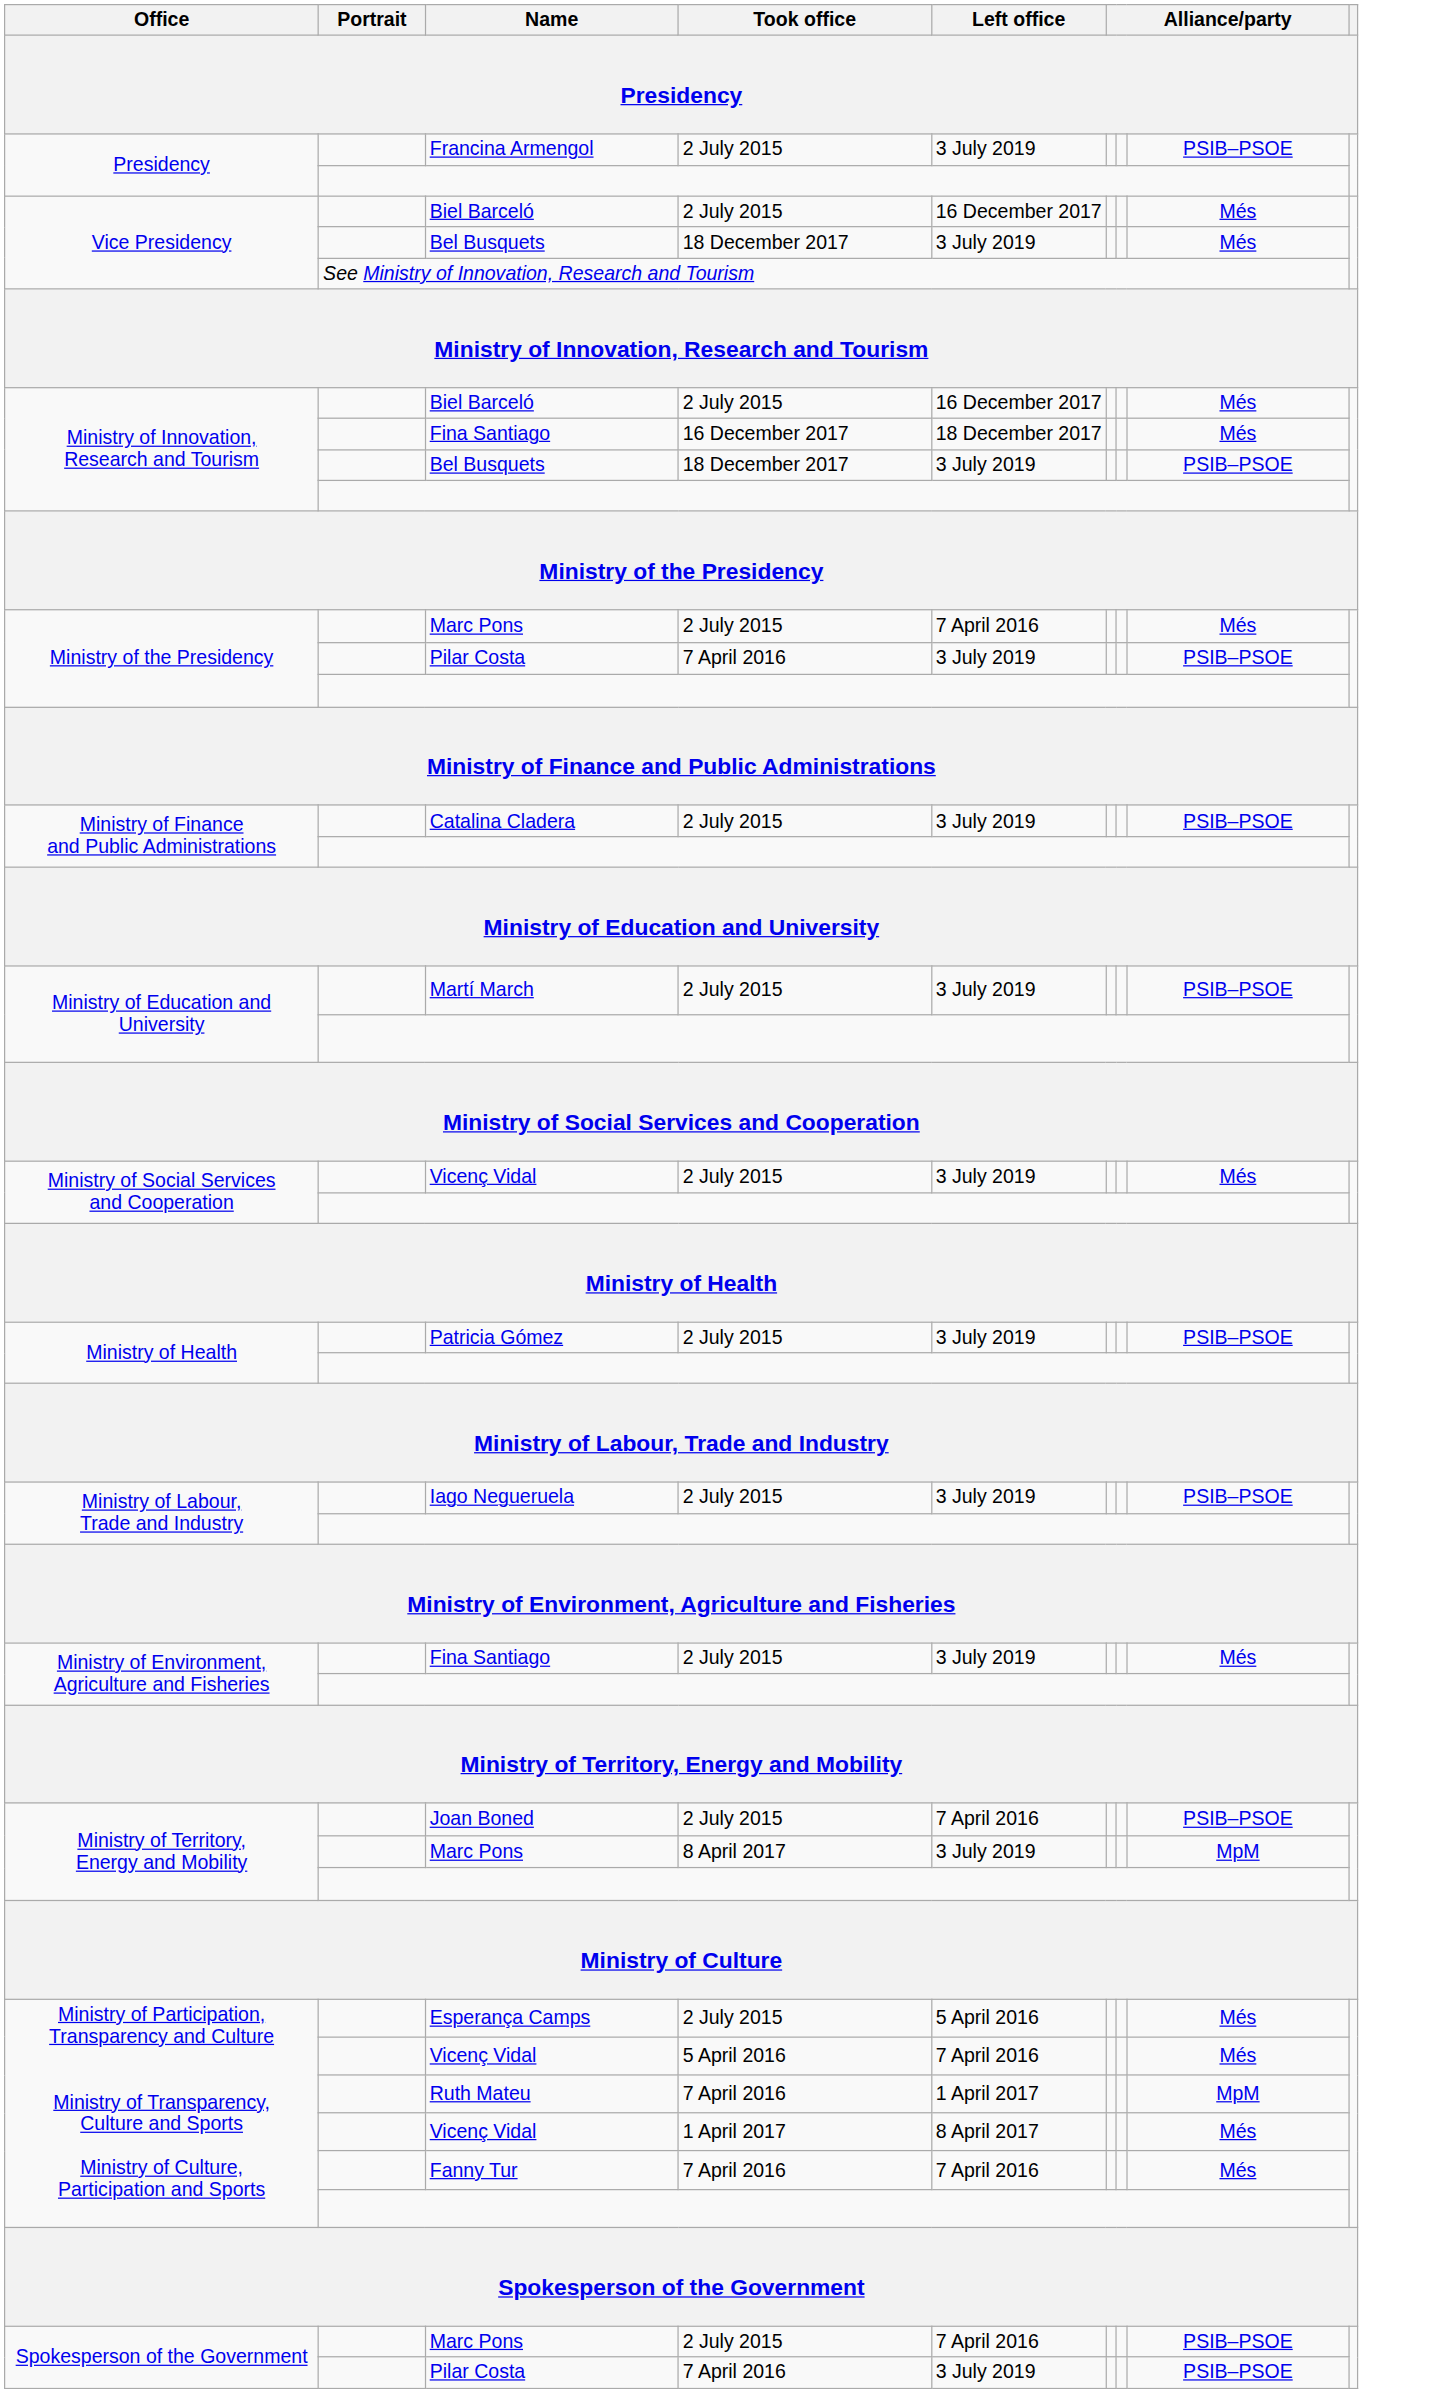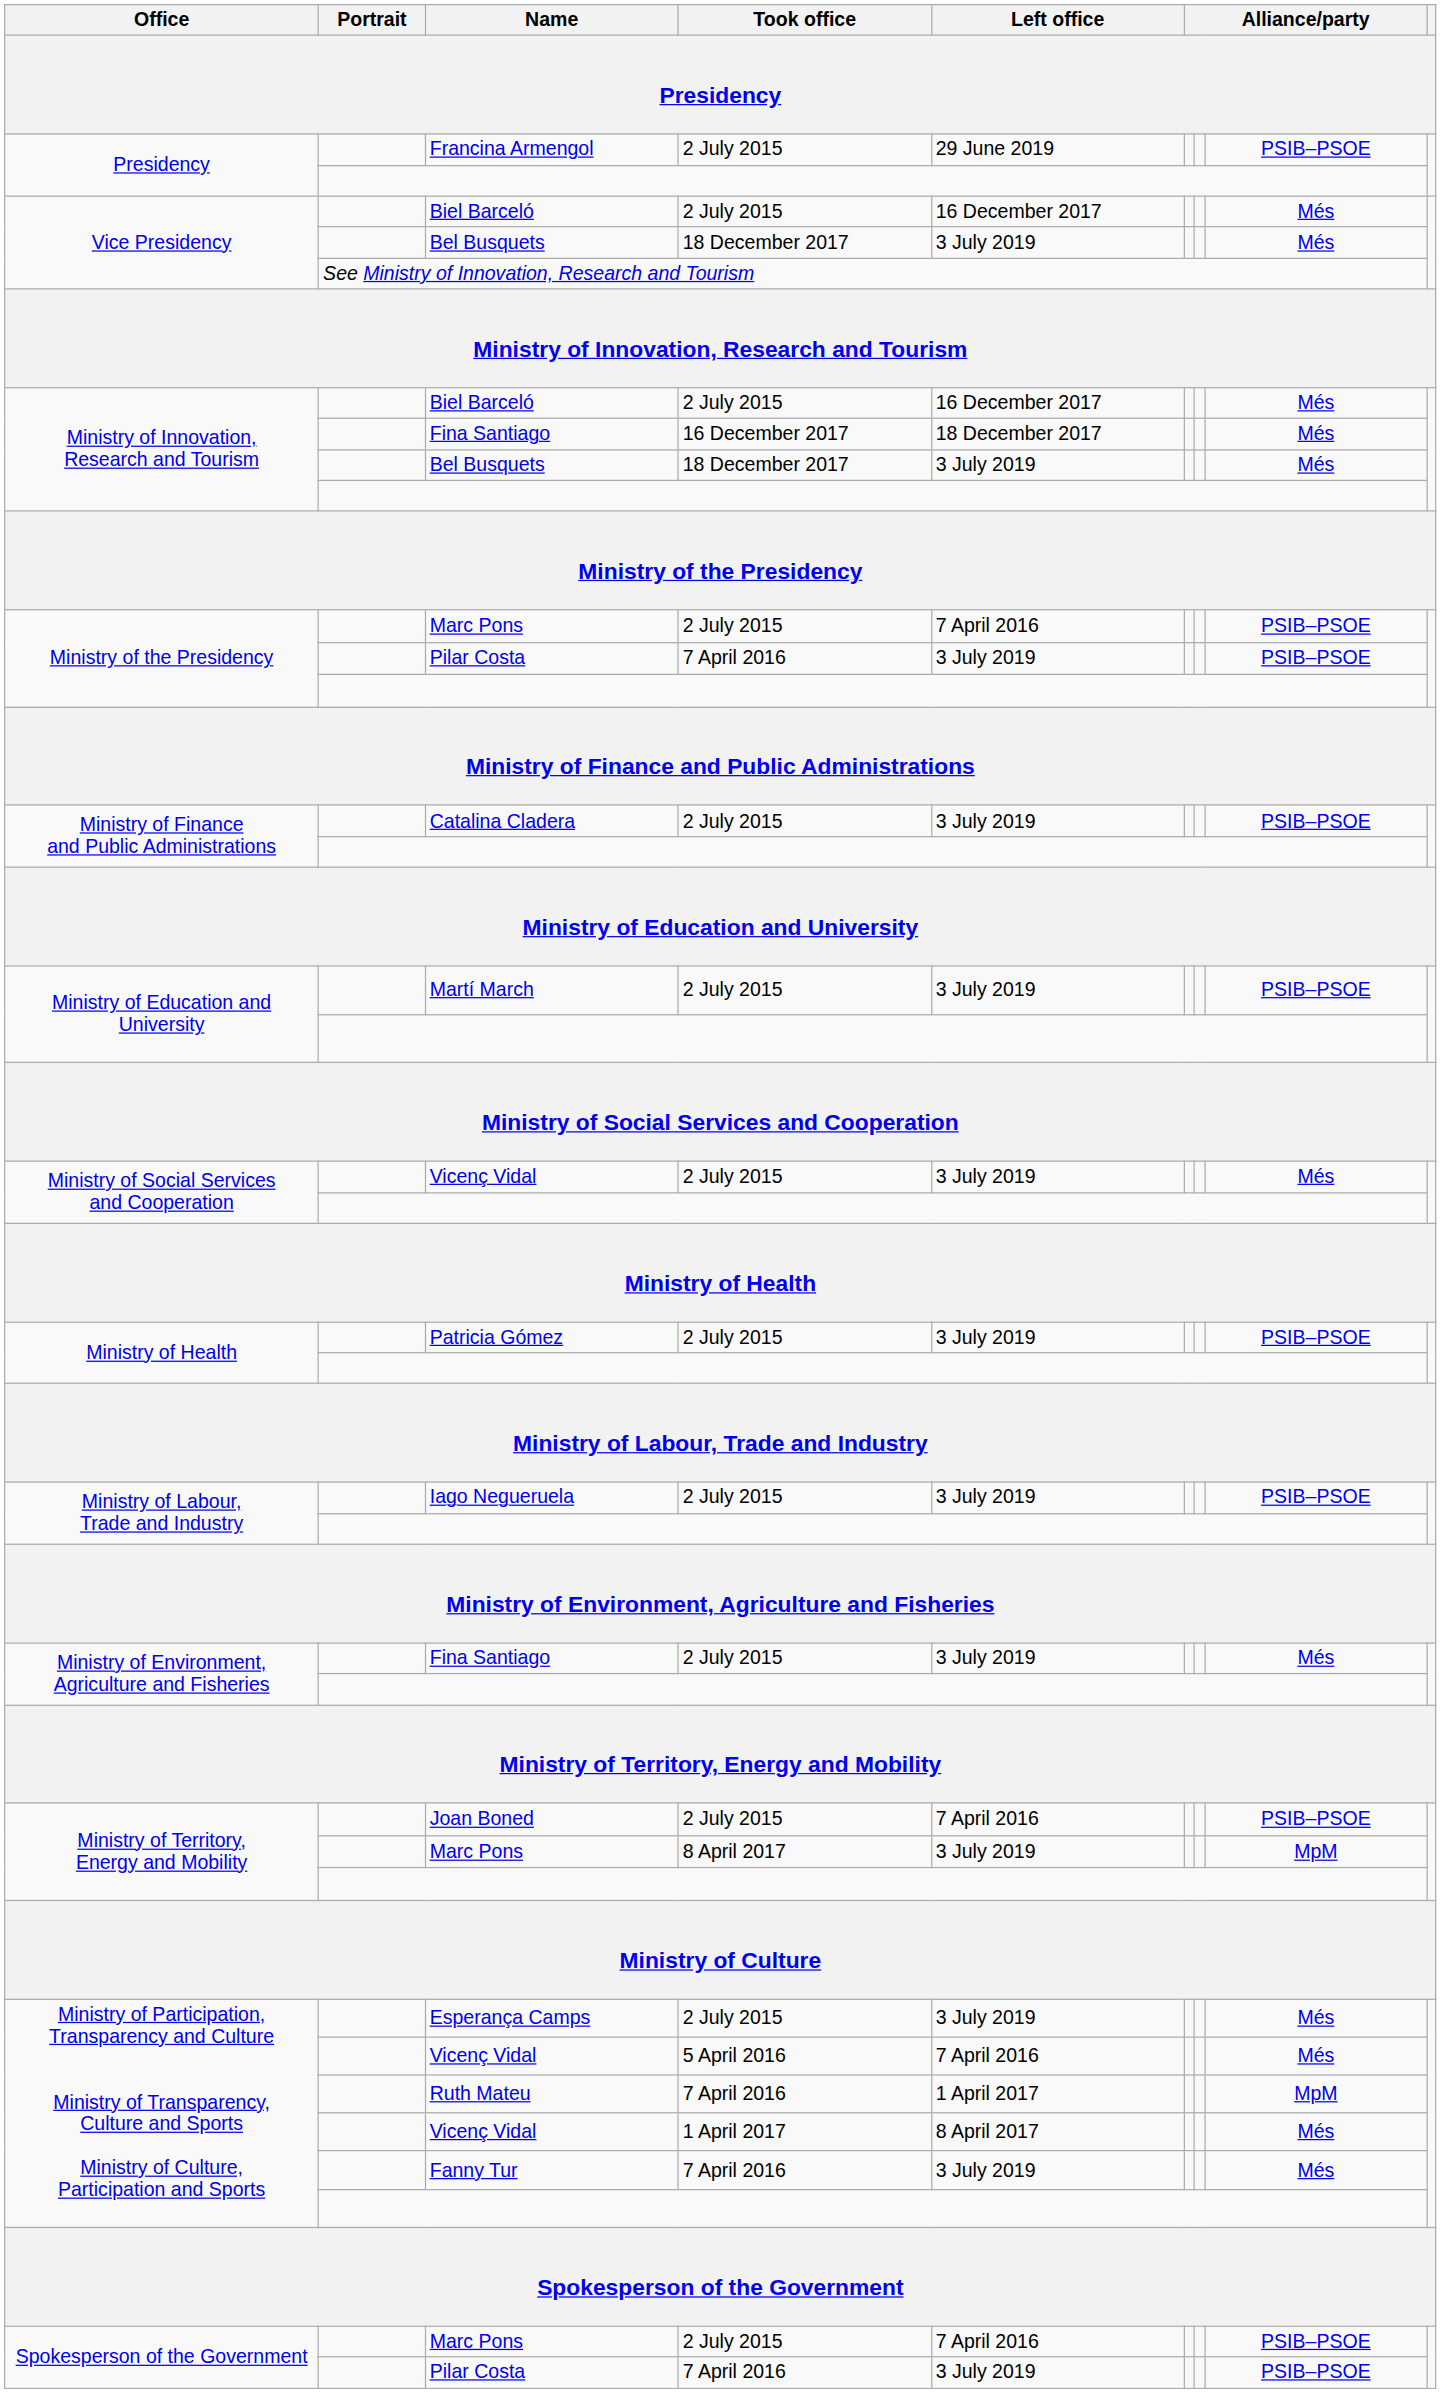 <table class="wikitable" style="line-height:18px;">
 <tr>
 <th scope="col">Office<br></th>
 <th scope="col">Portrait</th>
 <th scope="col">Name</th>
 <th scope="col">Took office</th>
 <th scope="col">Left office</th>
 <th colspan="3" scope="col">Alliance/party</th>
 <th></th>
 </tr>
 <tr>
 <th colspan="9"><br><h3><a href='#'>Presidency</a></h3></th>
 </tr>
 <tr>
 <td align="center" rowspan="2" width="250"><a href='#'>Presidency</a><br></td>
 <td width="80"></td>
 <td width="200"><a href='#'>Francina Armengol</a></td>
 <td width="200">2 July 2015</td>
-<td>3 July 2019</td>
+<td width="200">29 June 2019</td>
 <td width="1" style="background-color:"></td>
 <td width="1" style="background-color:"></td>
 <td width="175" align="center"><a href='#'>PSIB–PSOE</a></td>
 <td align="center" rowspan="2"><br></td>
 </tr>
 <tr>
 <td colspan="7"><br> </td>
 </tr>
 <tr>
 <td align="center" rowspan="3"><a href='#'>Vice Presidency</a><br></td>
 <td></td>
 <td><a href='#'>Biel Barceló</a></td>
 <td>2 July 2015</td>
 <td>16 December 2017<br></td>
 <td style="background-color:"></td>
 <td style="background-color:"></td>
 <td align="center"><a href='#'>Més</a></td>
 <td align="center" rowspan="3"><br><br></td>
 </tr>
 <tr>
 <td></td>
 <td><a href='#'>Bel Busquets</a></td>
 <td>18 December 2017</td>
 <td>3 July 2019</td>
 <td style="background-color:"></td>
 <td style="background-color:"></td>
 <td align="center"><a href='#'>Més</a></td>
 </tr>
 <tr>
 <td colspan="7"><em>See <a href='#'>Ministry of Innovation, Research and Tourism</a></em></td>
 </tr>
 <tr>
 <th colspan="9"><br><h3><a href='#'>Ministry of Innovation, Research and Tourism</a></h3></th>
 </tr>
 <tr>
 <td align="center" rowspan="4"><a href='#'>Ministry of Innovation,<br>Research and Tourism</a><br></td>
 <td></td>
 <td><a href='#'>Biel Barceló</a></td>
 <td>2 July 2015</td>
 <td>16 December 2017<br></td>
 <td style="background-color:"></td>
 <td style="background-color:"></td>
 <td align="center"><a href='#'>Més</a></td>
 <td align="center" rowspan="4"><br><br><br></td>
 </tr>
 <tr>
 <td></td>
 <td><a href='#'>Fina Santiago</a><br></td>
 <td>16 December 2017</td>
 <td>18 December 2017</td>
 <td style="background-color:"></td>
 <td style="background-color:"></td>
 <td align="center"><a href='#'>Més</a></td>
 </tr>
 <tr>
 <td></td>
 <td><a href='#'>Bel Busquets</a></td>
 <td>18 December 2017</td>
 <td>3 July 2019</td>
 <td style="background-color:"></td>
 <td style="background-color:"></td>
-<td align="center"><a href='#'>PSIB–PSOE</a></td>
+<td align="center"><a href='#'>Més</a></td>
 </tr>
 <tr>
 <td colspan="7"><br></td>
 </tr>
 <tr>
 <th colspan="9"><br><h3><a href='#'>Ministry of the Presidency</a></h3></th>
 </tr>
 <tr>
 <td align="center" rowspan="3"><a href='#'>Ministry of the Presidency</a><br></td>
 <td></td>
 <td><a href='#'>Marc Pons</a></td>
 <td>2 July 2015</td>
 <td>7 April 2016</td>
 <td style="background-color:"></td>
 <td style="background-color:"></td>
-<td align="center"><a href='#'>Més</a></td>
+<td align="center"><a href='#'>PSIB–PSOE</a></td>
 <td align="center" rowspan="3"><br><br><br><br></td>
 </tr>
 <tr>
 <td></td>
 <td><a href='#'>Pilar Costa</a></td>
 <td>7 April 2016</td>
 <td>3 July 2019</td>
 <td style="background-color:"></td>
 <td style="background-color:"></td>
 <td align="center"><a href='#'>PSIB–PSOE</a></td>
 </tr>
 <tr>
 <td colspan="7"><br></td>
 </tr>
 <tr>
 <th colspan="9"><br><h3><a href='#'>Ministry of Finance and Public Administrations</a></h3></th>
 </tr>
 <tr>
 <td align="center" rowspan="2"><a href='#'>Ministry of Finance<br>and Public Administrations</a><br></td>
 <td></td>
 <td><a href='#'>Catalina Cladera</a></td>
 <td>2 July 2015</td>
 <td>3 July 2019</td>
 <td style="background-color:"></td>
 <td style="background-color:"></td>
 <td align="center"><a href='#'>PSIB–PSOE</a></td>
 <td align="center" rowspan="2"><br></td>
 </tr>
 <tr>
 <td colspan="7"><br></td>
 </tr>
 <tr>
 <th colspan="9"><br><h3><a href='#'>Ministry of Education and University</a></h3></th>
 </tr>
 <tr>
 <td align="center" rowspan="2"><a href='#'>Ministry of Education and University</a><br></td>
 <td></td>
 <td><a href='#'>Martí March</a></td>
 <td>2 July 2015</td>
 <td>3 July 2019</td>
 <td style="background-color:"></td>
 <td style="background-color:"></td>
 <td align="center"><a href='#'>PSIB–PSOE</a><br></td>
 <td align="center" rowspan="2"><br><br><br><br></td>
 </tr>
 <tr>
 <td colspan="7"><br></td>
 </tr>
 <tr>
 <th colspan="9"><br><h3><a href='#'>Ministry of Social Services and Cooperation</a></h3></th>
 </tr>
 <tr>
 <td align="center" rowspan="2"><a href='#'>Ministry of Social Services<br>and Cooperation</a><br></td>
 <td></td>
 <td><a href='#'>Vicenç Vidal</a></td>
 <td>2 July 2015</td>
 <td>3 July 2019</td>
 <td style="background-color:"></td>
 <td style="background-color:"></td>
 <td align="center"><a href='#'>Més</a></td>
 <td align="center" rowspan="2"><br></td>
 </tr>
 <tr>
 <td colspan="7"><br></td>
 </tr>
 <tr>
 <th colspan="9"><br><h3><a href='#'>Ministry of Health</a></h3></th>
 </tr>
 <tr>
 <td align="center" rowspan="2"><a href='#'>Ministry of Health</a><br></td>
 <td></td>
 <td><a href='#'>Patricia Gómez</a></td>
 <td>2 July 2015</td>
 <td>3 July 2019</td>
 <td style="background-color:"></td>
 <td style="background-color:"></td>
 <td align="center"><a href='#'>PSIB–PSOE</a></td>
 <td align="center" rowspan="2"><br><br></td>
 </tr>
 <tr>
 <td colspan="7"><br></td>
 </tr>
 <tr>
 <th colspan="9"><br><h3><a href='#'>Ministry of Labour, Trade and Industry</a></h3></th>
 </tr>
 <tr>
 <td align="center" rowspan="2"><a href='#'>Ministry of Labour,<br>Trade and Industry</a><br></td>
 <td></td>
 <td><a href='#'>Iago Negueruela</a></td>
 <td>2 July 2015</td>
 <td>3 July 2019</td>
 <td style="background-color:"></td>
 <td style="background-color:"></td>
 <td align="center"><a href='#'>PSIB–PSOE</a></td>
 <td align="center" rowspan="2"><br></td>
 </tr>
 <tr>
 <td colspan="7"><br></td>
 </tr>
 <tr>
 <th colspan="9"><br><h3><a href='#'>Ministry of Environment, Agriculture and Fisheries</a></h3></th>
 </tr>
 <tr>
 <td align="center" rowspan="2"><a href='#'>Ministry of Environment,<br>Agriculture and Fisheries</a><br></td>
 <td></td>
 <td><a href='#'>Fina Santiago</a></td>
 <td>2 July 2015</td>
 <td>3 July 2019</td>
 <td style="background-color:"></td>
 <td style="background-color:"></td>
 <td align="center"><a href='#'>Més</a></td>
 <td align="center" rowspan="2"><br></td>
 </tr>
 <tr>
 <td colspan="7"><br></td>
 </tr>
 <tr>
 <th colspan="9"><br><h3><a href='#'>Ministry of Territory, Energy and Mobility</a></h3></th>
 </tr>
 <tr>
 <td align="center" rowspan="3"><a href='#'>Ministry of Territory,<br>Energy and Mobility</a><br></td>
 <td></td>
 <td><a href='#'>Joan Boned</a></td>
 <td>2 July 2015</td>
 <td>7 April 2016</td>
 <td style="background-color:"></td>
 <td style="background-color:"></td>
 <td align="center"><a href='#'>PSIB–PSOE</a></td>
 <td align="center" rowspan="3"><br><br><br><br></td>
 </tr>
 <tr>
 <td></td>
 <td><a href='#'>Marc Pons</a></td>
 <td>8 April 2017</td>
 <td>3 July 2019</td>
 <td style="background-color:"></td>
 <td style="background-color:"></td>
 <td align="center"><a href='#'>MpM</a></td>
 </tr>
 <tr>
 <td colspan="7"><br></td>
 </tr>
 <tr>
 <th colspan="9"><br><h3><a href='#'>Ministry of Culture</a></h3></th>
 </tr>
 <tr>
 <td align="center" rowspan="6"><a href='#'>Ministry of Participation,<br>Transparency and Culture</a><br><br><br><a href='#'>Ministry of Transparency,<br>Culture and Sports</a><br><br><a href='#'>Ministry of Culture,<br>Participation and Sports</a><br><br></td>
 <td></td>
 <td><a href='#'>Esperança Camps</a></td>
 <td>2 July 2015</td>
-<td>5 April 2016<br></td>
+<td>3 July 2019</td>
 <td style="background-color:"></td>
 <td style="background-color:"></td>
 <td align="center"><a href='#'>Més</a><br></td>
 <td align="center" rowspan="6"><br><br><br><br><br></td>
 </tr>
 <tr>
 <td></td>
 <td><a href='#'>Vicenç Vidal</a><br></td>
 <td>5 April 2016</td>
 <td>7 April 2016</td>
 <td style="background-color:"></td>
 <td style="background-color:"></td>
 <td align="center"><a href='#'>Més</a></td>
 </tr>
 <tr>
 <td></td>
 <td><a href='#'>Ruth Mateu</a></td>
 <td>7 April 2016</td>
 <td>1 April 2017</td>
 <td style="background-color:"></td>
 <td style="background-color:"></td>
 <td align="center"><a href='#'>MpM</a></td>
 </tr>
 <tr>
 <td></td>
 <td><a href='#'>Vicenç Vidal</a><br></td>
 <td>1 April 2017</td>
 <td>8 April 2017</td>
 <td style="background-color:"></td>
 <td style="background-color:"></td>
 <td align="center"><a href='#'>Més</a></td>
 </tr>
 <tr>
 <td></td>
 <td><a href='#'>Fanny Tur</a></td>
 <td>7 April 2016</td>
-<td>7 April 2016</td>
+<td>3 July 2019</td>
 <td style="background-color:"></td>
 <td style="background-color:"></td>
 <td align="center"><a href='#'>Més</a><br></td>
 </tr>
 <tr>
 <td colspan="7"><br> </td>
 </tr>
 <tr>
 <th colspan="9"><br><h3><a href='#'>Spokesperson of the Government</a></h3></th>
 </tr>
 <tr>
 <td align="center" rowspan="2"><a href='#'>Spokesperson of the Government</a><br></td>
 <td></td>
 <td><a href='#'>Marc Pons</a></td>
 <td>2 July 2015</td>
 <td>7 April 2016</td>
 <td style="background-color:"></td>
 <td style="background-color:"></td>
 <td align="center"><a href='#'>PSIB–PSOE</a></td>
 <td align="center" rowspan="2"></td>
 </tr>
 <tr>
 <td></td>
 <td><a href='#'>Pilar Costa</a></td>
 <td>7 April 2016</td>
 <td>3 July 2019</td>
 <td style="background-color:"></td>
 <td style="background-color:"></td>
 <td align="center"><a href='#'>PSIB–PSOE</a></td>
 </tr>
 </table>
